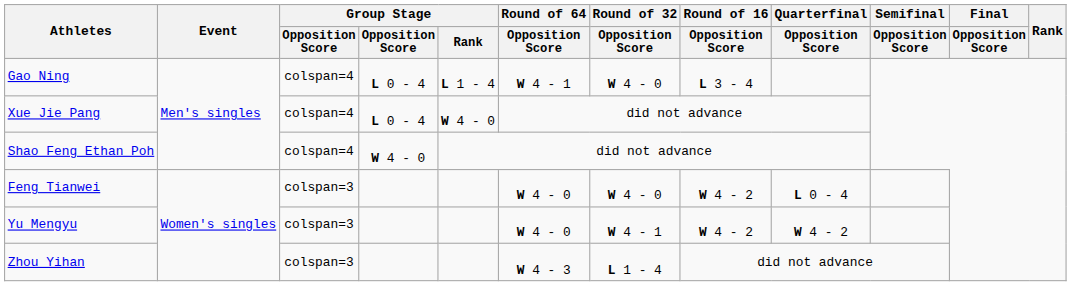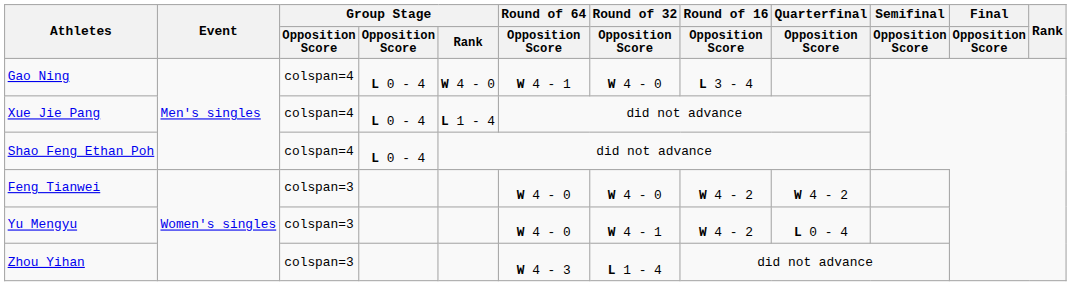 <table class="wikitable" style="font-size:90%">
 <tr>
 <th rowspan=2>Athletes</th>
 <th rowspan=2>Event</th>
 <th colspan=3>Group Stage</th>
 <th>Round of 64</th>
 <th>Round of 32</th>
 <th>Round of 16</th>
 <th>Quarterfinal</th>
 <th>Semifinal</th>
 <th>Final</th>
 <th rowspan=2>Rank</th>
 </tr>
 <tr style="font-size:95%">
 <th>Opposition<br>Score</th>
 <th>Opposition<br>Score</th>
 <th>Rank</th>
 <th>Opposition<br>Score</th>
 <th>Opposition<br>Score</th>
 <th>Opposition<br>Score</th>
 <th>Opposition<br>Score</th>
 <th>Opposition<br>Score</th>
 <th>Opposition<br>Score</th>
 </tr>
 <tr align=center>
 <td align=left><a href='#'>Gao Ning</a></td>
 <td align=left rowspan=3><a href='#'>Men's singles</a></td>
 <td>colspan=4 </td>
 <td><br><strong>L</strong> 0 - 4</td>
-<td><br><strong>L</strong> 1 - 4</td>
+<td><br><strong>W</strong> 4 - 0</td>
 <td><br><strong>W</strong> 4 - 1</td>
 <td><br><strong>W</strong> 4 - 0</td>
 <td><br><strong>L</strong> 3 - 4</td>
 <td></td>
 </tr>
 <tr align=center>
 <td align=left><a href='#'>Xue Jie Pang</a></td>
 <td>colspan=4 </td>
 <td><br><strong>L</strong> 0 - 4</td>
-<td><br><strong>W</strong> 4 - 0</td>
+<td><br><strong>L</strong> 1 - 4</td>
 <td colspan=4>did not advance</td>
 </tr>
 <tr align=center>
 <td align=left><a href='#'>Shao Feng Ethan Poh</a></td>
 <td>colspan=4 </td>
-<td><br><strong>W</strong> 4 - 0</td>
+<td><br><strong>L</strong> 0 - 4</td>
 <td colspan=5>did not advance</td>
 </tr>
 <tr align=center>
 <td align=left><a href='#'>Feng Tianwei</a></td>
 <td align=left rowspan=3><a href='#'>Women's singles</a></td>
 <td>colspan=3 </td>
 <td></td>
 <td></td>
 <td><br><strong>W</strong> 4 - 0</td>
 <td><br><strong>W</strong> 4 - 0</td>
 <td><br><strong>W</strong> 4 - 2</td>
-<td><br><strong>L</strong> 0 - 4</td>
+<td><br><strong>W</strong> 4 - 2</td>
 <td></td>
 </tr>
 <tr align=center>
 <td align=left><a href='#'>Yu Mengyu</a></td>
 <td>colspan=3 </td>
 <td></td>
 <td></td>
 <td><br><strong>W</strong> 4 - 0</td>
 <td><br><strong>W</strong> 4 - 1</td>
 <td><br><strong>W</strong> 4 - 2</td>
-<td><br><strong>W</strong> 4 - 2</td>
+<td><br><strong>L</strong> 0 - 4</td>
 <td></td>
 </tr>
 <tr align=center>
 <td align=left><a href='#'>Zhou Yihan</a></td>
 <td>colspan=3 </td>
 <td></td>
 <td></td>
 <td><br><strong>W</strong> 4 - 3</td>
 <td><br><strong>L</strong> 1 - 4</td>
 <td colspan=3>did not advance</td>
 </tr>
 </table>
